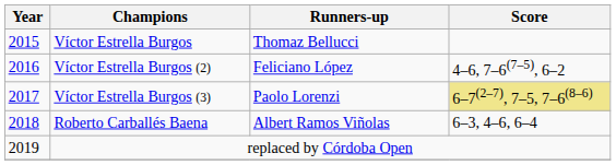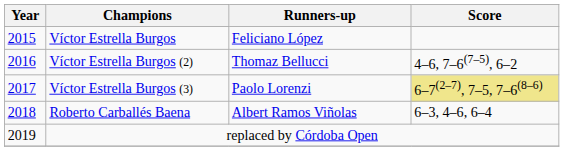 <table class=wikitable>
 <tr>
 <th style="width:40px">Year</th>
 <th style="width:200px">Champions</th>
 <th style="width:200px">Runners-up</th>
 <th style="width:160px" class="unsortable">Score</th>
 </tr>
 <tr>
 <td><a href='#'>2015</a></td>
 <td> <a href='#'>Víctor Estrella Burgos</a></td>
-<td> <a href='#'>Thomaz Bellucci</a></td>
+<td> <a href='#'>Feliciano López</a></td>
 <td></td>
 </tr>
 <tr>
 <td><a href='#'>2016</a></td>
 <td> <a href='#'>Víctor Estrella Burgos</a> <small>(2)</small></td>
-<td> <a href='#'>Feliciano López</a></td>
+<td> <a href='#'>Thomaz Bellucci</a></td>
 <td>4–6, 7–6<sup>(7–5)</sup>, 6–2</td>
 </tr>
 <tr>
 <td><a href='#'>2017</a></td>
 <td> <a href='#'>Víctor Estrella Burgos</a> <small>(3)</small></td>
 <td> <a href='#'>Paolo Lorenzi</a></td>
 <td style="background: khaki;">6–7<sup>(2–7)</sup>, 7–5, 7–6<sup>(8–6)</sup></td>
 </tr>
 <tr>
 <td><a href='#'>2018</a></td>
 <td> <a href='#'>Roberto Carballés Baena</a></td>
 <td> <a href='#'>Albert Ramos Viñolas</a></td>
 <td>6–3, 4–6, 6–4</td>
 </tr>
 <tr>
 <td>2019</td>
 <td colspan="3" align="center">replaced by  <a href='#'>Córdoba Open</a></td>
 </tr>
 <tr>
 </tr>
 </table>
